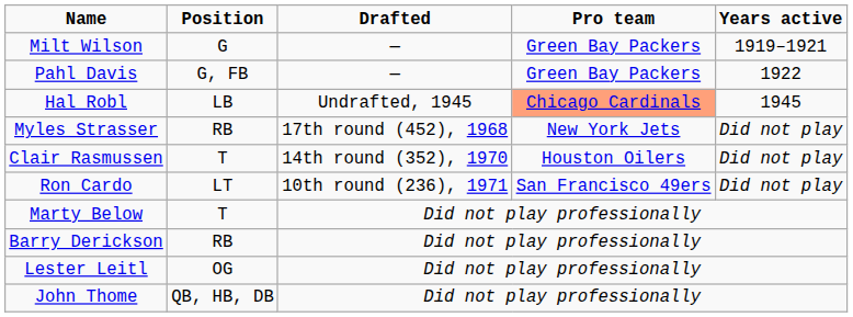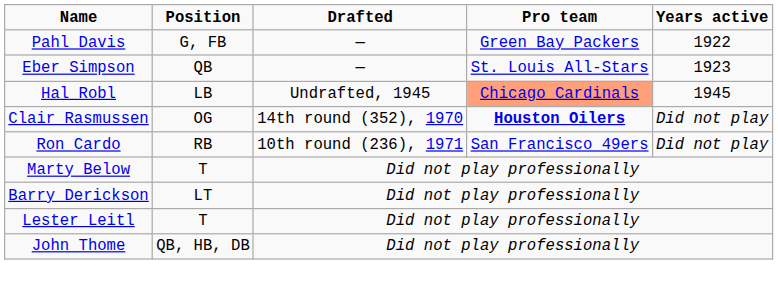 <table class="wikitable" style="text-align:center">
 <tr>
 <td><strong>Name</strong></td>
 <td><strong>Position</strong></td>
 <td><strong>Drafted</strong></td>
 <td><strong>Pro team</strong></td>
 <td><strong>Years active</strong></td>
 </tr>
 <tr>
-<td><a href='#'>Milt Wilson</a></td>
-<td>G</td>
-<td>—</td>
-<td><a href='#'>Green Bay Packers</a></td>
-<td>1919–1921</td>
-</tr>
-<tr>
 <td><a href='#'>Pahl Davis</a></td>
 <td>G, FB</td>
 <td>—</td>
 <td><a href='#'>Green Bay Packers</a></td>
 <td>1922</td>
+</tr>
+<tr>
+<td><a href='#'>Eber Simpson</a></td>
+<td>QB</td>
+<td>—</td>
+<td><a href='#'>St. Louis All-Stars</a></td>
+<td>1923</td>
 </tr>
 <tr>
 <td><a href='#'>Hal Robl</a></td>
 <td>LB</td>
 <td>Undrafted, 1945</td>
 <td style="background: lightsalmon;"><a href='#'>Chicago Cardinals</a></td>
 <td>1945</td>
 </tr>
 <tr>
-<td><a href='#'>Myles Strasser</a></td>
-<td>RB</td>
-<td>17th round (452), <a href='#'>1968</a></td>
-<td><a href='#'>New York Jets</a></td>
-<td><em>Did not play</em></td>
-</tr>
-<tr>
 <td><a href='#'>Clair Rasmussen</a></td>
-<td>T</td>
+<td>OG</td>
 <td>14th round (352), <a href='#'>1970</a></td>
-<td><a href='#'>Houston Oilers</a></td>
+<td><strong><a href='#'>Houston Oilers</a></strong></td>
 <td><em>Did not play</em></td>
 </tr>
 <tr>
 <td><a href='#'>Ron Cardo</a></td>
-<td>LT</td>
+<td>RB</td>
 <td>10th round (236), <a href='#'>1971</a></td>
 <td><a href='#'>San Francisco 49ers</a></td>
 <td><em>Did not play</em></td>
 </tr>
 <tr>
 <td><a href='#'>Marty Below</a></td>
 <td>T</td>
 <td colspan="3"><em>Did not play professionally</em></td>
 </tr>
 <tr>
 <td><a href='#'>Barry Derickson</a></td>
-<td>RB</td>
+<td>LT</td>
 <td colspan="3"><em>Did not play professionally</em></td>
 </tr>
 <tr>
 <td><a href='#'>Lester Leitl</a></td>
-<td>OG</td>
+<td>T</td>
 <td colspan="3"><em>Did not play professionally</em></td>
 </tr>
 <tr>
 <td><a href='#'>John Thome</a></td>
 <td>QB, HB, DB</td>
 <td colspan="3"><em>Did not play professionally</em></td>
 </tr>
 </table>
